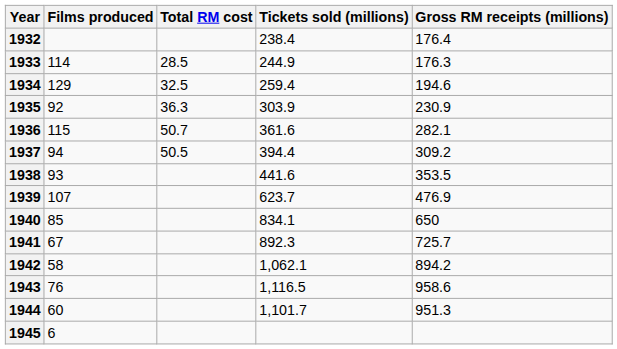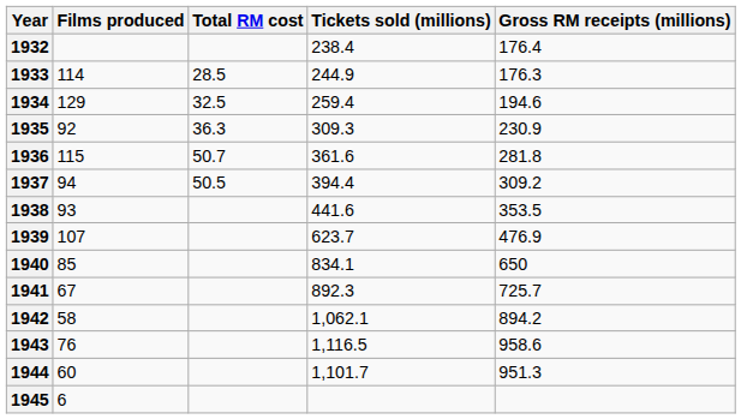 <table class="wikitable sortable floatright" style="margin-left:1em; font-size: 90%; display: inline-table">
 <tr>
 <th scope="col">Year</th>
 <th scope="col">Films produced</th>
 <th scope="col">Total <a href='#'>RM</a> cost</th>
 <th scope="col">Tickets sold (millions)</th>
 <th scope="col">Gross RM receipts (millions)</th>
 </tr>
 <tr>
 <th scope="row">1932</th>
 <td></td>
 <td></td>
 <td>238.4</td>
 <td>176.4</td>
 </tr>
 <tr>
 <th scope="row">1933</th>
 <td>114</td>
 <td>28.5</td>
 <td>244.9</td>
 <td>176.3</td>
 </tr>
 <tr>
 <th scope="row">1934</th>
 <td>129</td>
 <td>32.5</td>
 <td>259.4</td>
 <td>194.6</td>
 </tr>
 <tr>
 <th scope="row">1935</th>
 <td>92</td>
 <td>36.3</td>
-<td>303.9</td>
+<td>309.3</td>
 <td>230.9</td>
 </tr>
 <tr>
 <th scope="row">1936</th>
 <td>115</td>
 <td>50.7</td>
 <td>361.6</td>
-<td>282.1</td>
+<td>281.8</td>
 </tr>
 <tr>
 <th scope="row">1937</th>
 <td>94</td>
 <td>50.5</td>
 <td>394.4</td>
 <td>309.2</td>
 </tr>
 <tr>
 <th scope="row">1938</th>
 <td>93</td>
 <td></td>
 <td>441.6</td>
 <td>353.5</td>
 </tr>
 <tr>
 <th scope="row">1939</th>
 <td>107</td>
 <td></td>
 <td>623.7</td>
 <td>476.9</td>
 </tr>
 <tr>
 <th scope="row">1940</th>
 <td>85</td>
 <td></td>
 <td>834.1</td>
 <td>650</td>
 </tr>
 <tr>
 <th scope="row">1941</th>
 <td>67</td>
 <td></td>
 <td>892.3</td>
 <td>725.7</td>
 </tr>
 <tr>
 <th scope="row">1942</th>
 <td>58</td>
 <td></td>
 <td>1,062.1</td>
 <td>894.2</td>
 </tr>
 <tr>
 <th scope="row">1943</th>
 <td>76</td>
 <td></td>
 <td>1,116.5</td>
 <td>958.6</td>
 </tr>
 <tr>
 <th scope="row">1944</th>
 <td>60</td>
 <td></td>
 <td>1,101.7</td>
 <td>951.3</td>
 </tr>
 <tr>
 <th scope="row">1945</th>
 <td>6</td>
 <td></td>
 <td></td>
 <td></td>
 </tr>
 </table>
